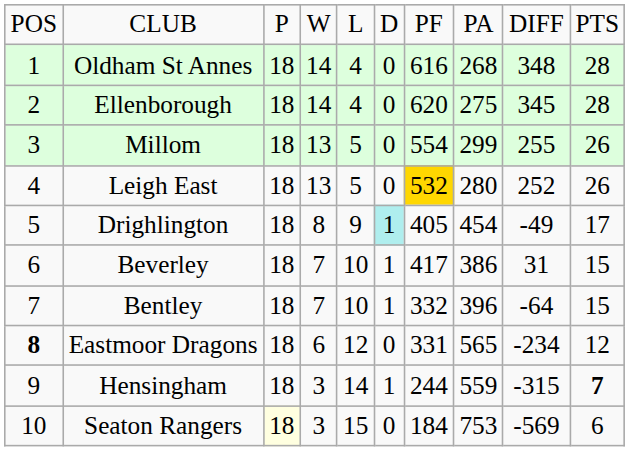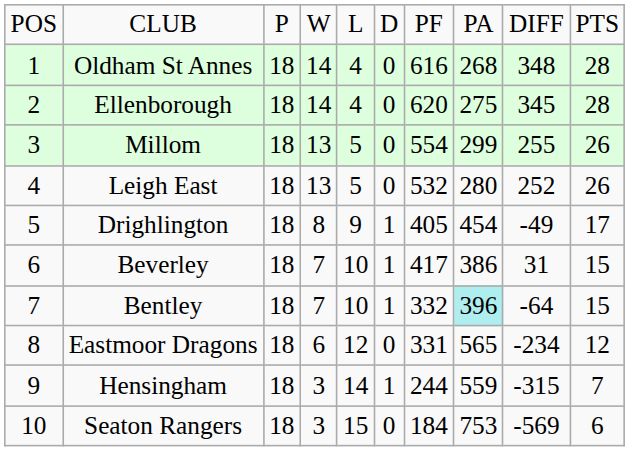 <table class="wikitable" style="text-align: center;">
 <tr>
 <td>POS</td>
 <td>CLUB</td>
 <td>P</td>
 <td>W</td>
 <td>L</td>
 <td>D</td>
 <td>PF</td>
 <td>PA</td>
 <td>DIFF</td>
 <td>PTS</td>
 </tr>
 <tr style="background:#ddffdd;">
 <td>1</td>
 <td>Oldham St Annes</td>
 <td>18</td>
 <td>14</td>
 <td>4</td>
 <td>0</td>
 <td>616</td>
 <td>268</td>
 <td>348</td>
 <td>28</td>
 </tr>
 <tr style="background:#ddffdd;">
 <td>2</td>
 <td>Ellenborough</td>
 <td>18</td>
 <td>14</td>
 <td>4</td>
 <td>0</td>
 <td>620</td>
 <td>275</td>
 <td>345</td>
 <td>28</td>
 </tr>
 <tr style="background:#ddffdd;">
 <td>3</td>
 <td>Millom</td>
 <td>18</td>
 <td>13</td>
 <td>5</td>
 <td>0</td>
 <td>554</td>
 <td>299</td>
 <td>255</td>
 <td>26</td>
 </tr>
 <tr>
 <td>4</td>
 <td>Leigh East</td>
 <td>18</td>
 <td>13</td>
 <td>5</td>
 <td>0</td>
-<td style="background: gold;">532</td>
+<td>532</td>
 <td>280</td>
 <td>252</td>
 <td>26</td>
 </tr>
 <tr>
 <td>5</td>
 <td>Drighlington</td>
 <td>18</td>
 <td>8</td>
 <td>9</td>
-<td style="background: paleturquoise;">1</td>
+<td>1</td>
 <td>405</td>
 <td>454</td>
 <td>-49</td>
 <td>17</td>
 </tr>
 <tr>
 <td>6</td>
 <td>Beverley</td>
 <td>18</td>
 <td>7</td>
 <td>10</td>
 <td>1</td>
 <td>417</td>
 <td>386</td>
 <td>31</td>
 <td>15</td>
 </tr>
 <tr>
 <td>7</td>
 <td>Bentley</td>
 <td>18</td>
 <td>7</td>
 <td>10</td>
 <td>1</td>
 <td>332</td>
-<td>396</td>
+<td style="background: paleturquoise;">396</td>
 <td>-64</td>
 <td>15</td>
 </tr>
 <tr>
-<td><strong>8</strong></td>
+<td>8</td>
 <td>Eastmoor Dragons</td>
 <td>18</td>
 <td>6</td>
 <td>12</td>
 <td>0</td>
 <td>331</td>
 <td>565</td>
 <td>-234</td>
 <td>12</td>
 </tr>
 <tr>
 <td>9</td>
 <td>Hensingham</td>
 <td>18</td>
 <td>3</td>
 <td>14</td>
 <td>1</td>
 <td>244</td>
 <td>559</td>
 <td>-315</td>
-<td><strong>7</strong></td>
+<td>7</td>
 </tr>
 <tr>
 <td>10</td>
 <td>Seaton Rangers</td>
-<td style="background: lightyellow;">18</td>
+<td>18</td>
 <td>3</td>
 <td>15</td>
 <td>0</td>
 <td>184</td>
 <td>753</td>
 <td>-569</td>
 <td>6</td>
 </tr>
 </table>
